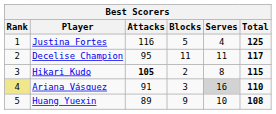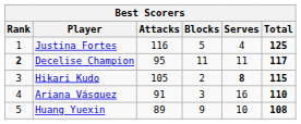 <table class="wikitable sortable" style="font-size:90%; text-align:center">
 <tr>
 <th colspan=6>Best Scorers</th>
 </tr>
 <tr>
 <th class="unsortable">Rank</th>
 <th class="unsortable">Player</th>
 <th>Attacks</th>
 <th>Blocks</th>
 <th>Serves</th>
 <th>Total</th>
 </tr>
 <tr>
 <td>1</td>
 <td align=left> <a href='#'>Justina Fortes</a></td>
 <td>116</td>
 <td>5</td>
 <td>4</td>
 <td><strong>125</strong></td>
 </tr>
 <tr>
-<td>2</td>
+<td><strong>2</strong></td>
 <td align=left> <a href='#'>Decelise Champion</a></td>
 <td>95</td>
 <td>11</td>
 <td>11</td>
 <td><strong>117</strong></td>
 </tr>
 <tr>
 <td>3</td>
 <td align=left> <a href='#'>Hikari Kudo</a></td>
-<td><strong>105</strong></td>
+<td>105</td>
 <td>2</td>
-<td>8</td>
+<td><strong>8</strong></td>
 <td><strong>115</strong></td>
 </tr>
 <tr>
-<td style="background: khaki;">4</td>
+<td>4</td>
 <td align=left> <a href='#'>Ariana Vásquez</a></td>
 <td>91</td>
 <td>3</td>
-<td style="background: lightgrey;">16</td>
+<td>16</td>
 <td><strong>110</strong></td>
 </tr>
 <tr>
 <td>5</td>
 <td align=left> <a href='#'>Huang Yuexin</a></td>
 <td>89</td>
 <td>9</td>
 <td>10</td>
 <td><strong>108</strong></td>
 </tr>
 </table>
